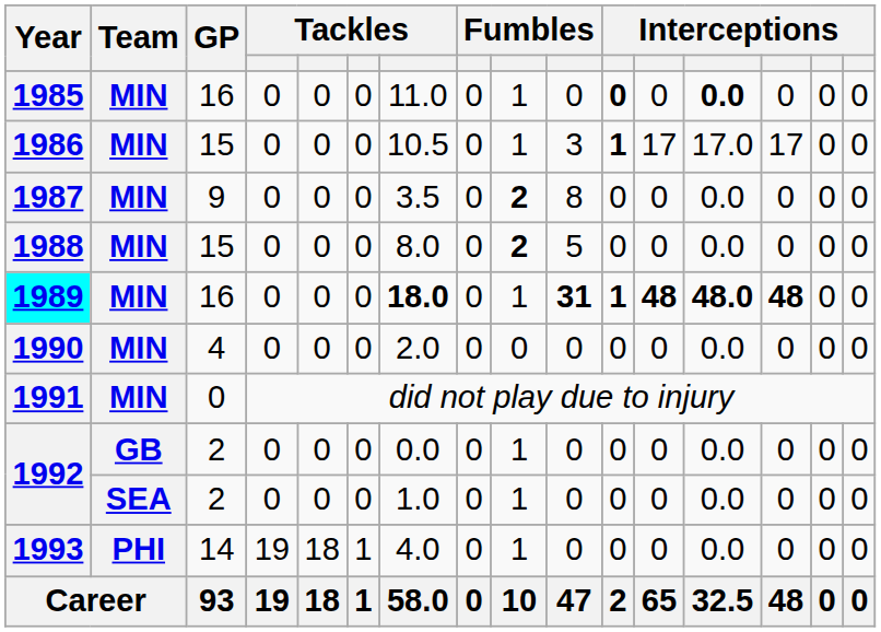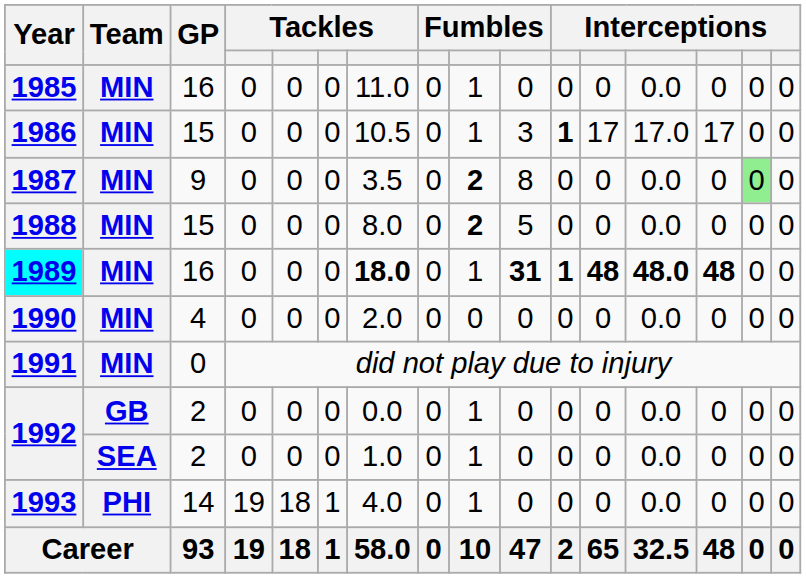 <table class="wikitable" style="text-align: center;">
 <tr>
 <th rowspan="2">Year</th>
 <th rowspan="2">Team</th>
 <th rowspan="2">GP</th>
 <th colspan="4">Tackles</th>
 <th colspan="3">Fumbles</th>
 <th colspan="6">Interceptions</th>
 </tr>
 <tr>
 <th></th>
 <th></th>
 <th></th>
 <th></th>
 <th></th>
 <th></th>
 <th></th>
 <th></th>
 <th></th>
 <th></th>
 <th></th>
 <th></th>
 <th></th>
 </tr>
 <tr>
 <th><a href='#'>1985</a></th>
 <th><a href='#'>MIN</a></th>
 <td>16</td>
 <td>0</td>
 <td>0</td>
 <td>0</td>
 <td>11.0</td>
 <td>0</td>
 <td>1</td>
 <td>0</td>
-<td><strong>0</strong></td>
 <td>0</td>
-<td><strong>0.0</strong></td>
+<td>0</td>
+<td>0.0</td>
 <td>0</td>
 <td>0</td>
 <td>0</td>
 </tr>
 <tr>
 <th><a href='#'>1986</a></th>
 <th><a href='#'>MIN</a></th>
 <td>15</td>
 <td>0</td>
 <td>0</td>
 <td>0</td>
 <td>10.5</td>
 <td>0</td>
 <td>1</td>
 <td>3</td>
 <td><strong>1</strong></td>
 <td>17</td>
 <td>17.0</td>
 <td>17</td>
 <td>0</td>
 <td>0</td>
 </tr>
 <tr>
 <th><a href='#'>1987</a></th>
 <th><a href='#'>MIN</a></th>
 <td>9</td>
 <td>0</td>
 <td>0</td>
 <td>0</td>
 <td>3.5</td>
 <td>0</td>
 <td><strong>2</strong></td>
 <td>8</td>
 <td>0</td>
 <td>0</td>
 <td>0.0</td>
 <td>0</td>
-<td>0</td>
+<td style="background: lightgreen;">0</td>
 <td>0</td>
 </tr>
 <tr>
 <th><a href='#'>1988</a></th>
 <th><a href='#'>MIN</a></th>
 <td>15</td>
 <td>0</td>
 <td>0</td>
 <td>0</td>
 <td>8.0</td>
 <td>0</td>
 <td><strong>2</strong></td>
 <td>5</td>
 <td>0</td>
 <td>0</td>
 <td>0.0</td>
 <td>0</td>
 <td>0</td>
 <td>0</td>
 </tr>
 <tr>
 <th style="background:#00FFFF;"><a href='#'>1989</a></th>
 <th><a href='#'>MIN</a></th>
 <td>16</td>
 <td>0</td>
 <td>0</td>
 <td>0</td>
 <td><strong>18.0</strong></td>
 <td>0</td>
 <td>1</td>
 <td><strong>31</strong></td>
 <td><strong>1</strong></td>
 <td><strong>48</strong></td>
 <td><strong>48.0</strong></td>
 <td><strong>48</strong></td>
 <td>0</td>
 <td>0</td>
 </tr>
 <tr>
 <th><a href='#'>1990</a></th>
 <th><a href='#'>MIN</a></th>
 <td>4</td>
 <td>0</td>
 <td>0</td>
 <td>0</td>
 <td>2.0</td>
 <td>0</td>
 <td>0</td>
 <td>0</td>
 <td>0</td>
 <td>0</td>
 <td>0.0</td>
 <td>0</td>
 <td>0</td>
 <td>0</td>
 </tr>
 <tr>
 <th><a href='#'>1991</a></th>
 <th><a href='#'>MIN</a></th>
 <td>0</td>
 <td colspan="13"><em>did not play due to injury</em></td>
 </tr>
 <tr>
 <th rowspan="2"><a href='#'>1992</a></th>
 <th><a href='#'>GB</a></th>
 <td>2</td>
 <td>0</td>
 <td>0</td>
 <td>0</td>
 <td>0.0</td>
 <td>0</td>
 <td>1</td>
 <td>0</td>
 <td>0</td>
 <td>0</td>
 <td>0.0</td>
 <td>0</td>
 <td>0</td>
 <td>0</td>
 </tr>
 <tr>
 <th><a href='#'>SEA</a></th>
 <td>2</td>
 <td>0</td>
 <td>0</td>
 <td>0</td>
 <td>1.0</td>
 <td>0</td>
 <td>1</td>
 <td>0</td>
 <td>0</td>
 <td>0</td>
 <td>0.0</td>
 <td>0</td>
 <td>0</td>
 <td>0</td>
 </tr>
 <tr>
 <th><a href='#'>1993</a></th>
 <th><a href='#'>PHI</a></th>
 <td>14</td>
 <td>19</td>
 <td>18</td>
 <td>1</td>
 <td>4.0</td>
 <td>0</td>
 <td>1</td>
 <td>0</td>
 <td>0</td>
 <td>0</td>
 <td>0.0</td>
 <td>0</td>
 <td>0</td>
 <td>0</td>
 </tr>
 <tr>
 <th colspan="2">Career</th>
 <th>93</th>
 <th>19</th>
 <th>18</th>
 <th>1</th>
 <th>58.0</th>
 <th>0</th>
 <th>10</th>
 <th>47</th>
 <th>2</th>
 <th>65</th>
 <th>32.5</th>
 <th>48</th>
 <th>0</th>
 <th>0</th>
 </tr>
 </table>
